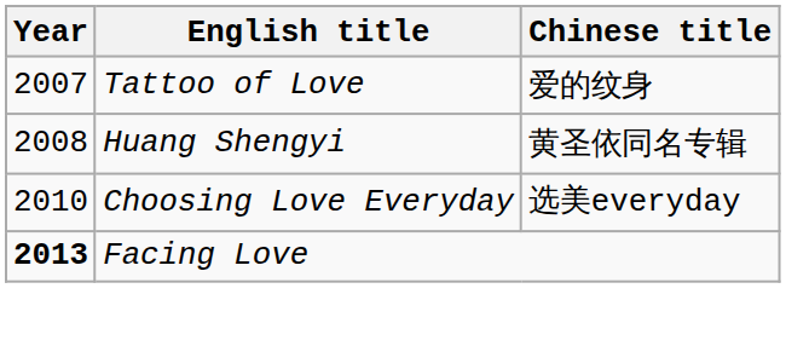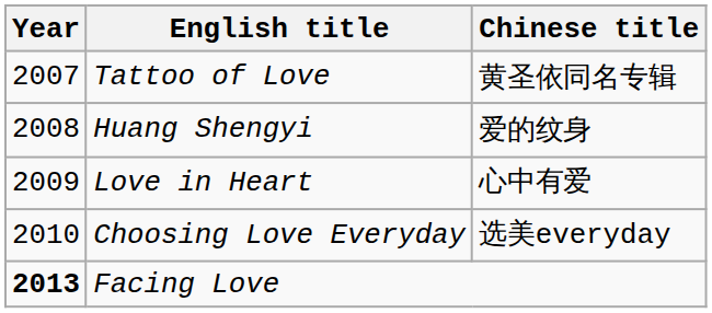 <table class="wikitable sortable">
 <tr>
 <th>Year</th>
 <th>English title</th>
 <th>Chinese title</th>
 </tr>
 <tr>
 <td>2007</td>
 <td><em>Tattoo of Love</em></td>
-<td>爱的纹身</td>
+<td>黄圣依同名专辑</td>
 </tr>
 <tr>
 <td>2008</td>
 <td><em>Huang Shengyi</em></td>
-<td>黄圣依同名专辑</td>
+<td>爱的纹身</td>
+</tr>
+<tr>
+<td>2009</td>
+<td><em>Love in Heart</em></td>
+<td>心中有爱</td>
 </tr>
 <tr>
 <td>2010</td>
 <td><em>Choosing Love Everyday</em></td>
 <td>选美everyday</td>
 </tr>
 <tr>
 <td><strong>2013</strong></td>
 <td colspan=2><em>Facing Love</em></td>
 </tr>
 </table>
